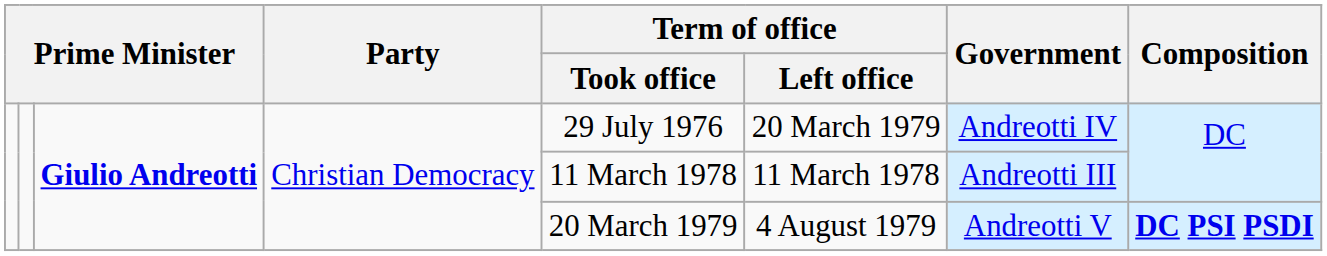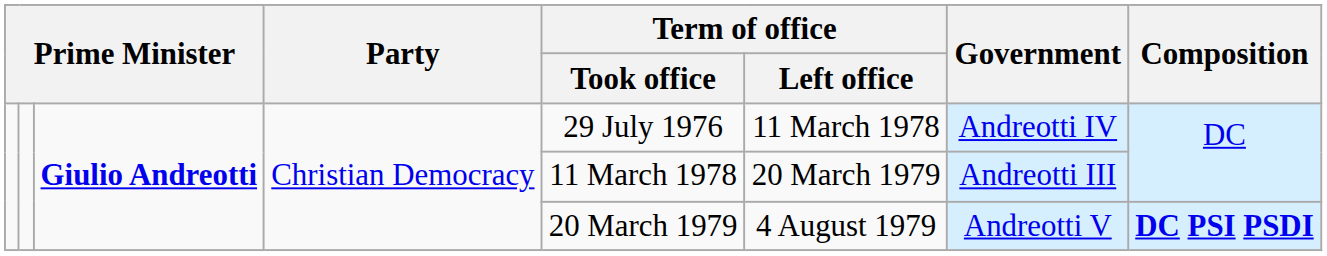 <table class="wikitable" style="text-align:center">
 <tr>
 <th colspan=3 rowspan=2>Prime Minister</th>
 <th rowspan=2>Party</th>
 <th colspan=2>Term of office</th>
 <th rowspan=2>Government</th>
 <th rowspan=2>Composition</th>
 </tr>
 <tr>
 <th>Took office</th>
 <th>Left office</th>
 </tr>
 <tr>
 <td rowspan=3 style="background:"></td>
 <td rowspan=3></td>
 <td rowspan=3><strong><a href='#'>Giulio Andreotti</a></strong><br></td>
 <td rowspan=3><a href='#'>Christian Democracy</a></td>
 <td>29 July 1976</td>
-<td>20 March 1979</td>
+<td>11 March 1978</td>
 <td bgcolor=#D5EFFF><a href='#'>Andreotti IV</a></td>
 <td rowspan=2 bgcolor=#D5EFFF><a href='#'>DC</a><br><br></td>
 </tr>
 <tr>
 <td>11 March 1978</td>
-<td>11 March 1978</td>
+<td>20 March 1979</td>
 <td bgcolor=#D5EFFF><a href='#'>Andreotti III</a></td>
 </tr>
 <tr>
 <td>20 March 1979</td>
 <td>4 August 1979</td>
 <td bgcolor=#D5EFFF><a href='#'>Andreotti V</a></td>
 <td bgcolor=#D5EFFF><strong><a href='#'>DC</a>  <a href='#'>PSI</a>  <a href='#'>PSDI</a></strong></td>
 </tr>
 </table>
